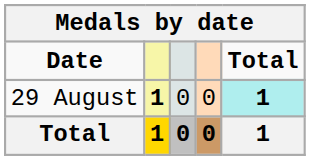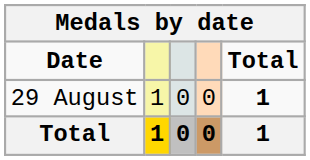 <table class="wikitable" style="font-size:85%">
 <tr bgcolor="#efefef">
 <th colspan=6>Medals by date</th>
 </tr>
 <tr align=center>
 <td><strong>Date</strong></td>
 <td bgcolor=#f7f6a8></td>
 <td bgcolor=#dce5e5></td>
 <td bgcolor=#ffdab9></td>
 <td><strong>Total</strong></td>
 </tr>
 <tr align=center>
 <td>29 August</td>
-<td style="background:#F7F6A8;"><strong>1</strong></td>
+<td style="background:#F7F6A8;">1</td>
 <td style="background:#DCE5E5;">0</td>
 <td style="background:#FFDAB9;">0</td>
-<td style="background: paleturquoise;"><strong>1</strong></td>
+<td><strong>1</strong></td>
 </tr>
 <tr align=center>
 <th><strong>Total</strong></th>
 <th style="background:gold;"><strong>1</strong></th>
 <th style="background:silver;"><strong>0</strong></th>
 <th style="background:#c96;"><strong>0</strong></th>
 <th>1</th>
 </tr>
 </table>
